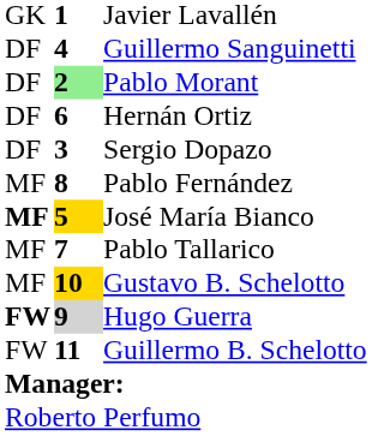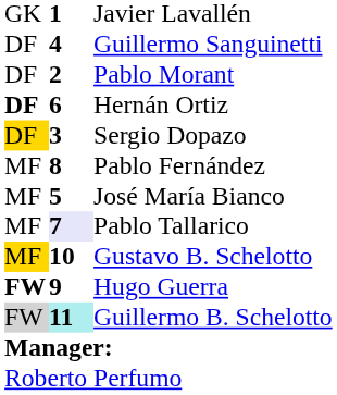 <table style="font-size:90%; margin:0.2em auto;" cellspacing="0" cellpadding="0">
 <tr>
 <th width="25"></th>
 <th width="25"></th>
 </tr>
 <tr>
 <td>GK</td>
 <td><strong>1</strong></td>
 <td> Javier Lavallén</td>
 </tr>
 <tr>
 <td>DF</td>
 <td><strong>4</strong></td>
 <td> <a href='#'>Guillermo Sanguinetti</a></td>
 </tr>
 <tr>
 <td>DF</td>
-<td style="background: lightgreen;"><strong>2</strong></td>
+<td><strong>2</strong></td>
 <td> <a href='#'>Pablo Morant</a></td>
 </tr>
 <tr>
-<td>DF</td>
+<td><strong>DF</strong></td>
 <td><strong>6</strong></td>
 <td> Hernán Ortiz</td>
 </tr>
 <tr>
-<td>DF</td>
+<td style="background: gold;">DF</td>
 <td><strong>3</strong></td>
 <td> Sergio Dopazo</td>
 </tr>
 <tr>
 <td>MF</td>
 <td><strong>8</strong></td>
 <td> Pablo Fernández</td>
 </tr>
 <tr>
-<td><strong>MF</strong></td>
-<td style="background: gold;"><strong>5</strong></td>
+<td>MF</td>
+<td><strong>5</strong></td>
 <td> José María Bianco</td>
 </tr>
 <tr>
 <td>MF</td>
-<td><strong>7</strong></td>
+<td style="background: lavender;"><strong>7</strong></td>
 <td> Pablo Tallarico</td>
 </tr>
 <tr>
-<td>MF</td>
-<td style="background: gold;"><strong>10</strong></td>
+<td style="background: gold;">MF</td>
+<td><strong>10</strong></td>
 <td> <a href='#'>Gustavo B. Schelotto</a></td>
 </tr>
 <tr>
 <td><strong>FW</strong></td>
-<td style="background: lightgrey;"><strong>9</strong></td>
+<td><strong>9</strong></td>
 <td> <a href='#'>Hugo Guerra</a></td>
 </tr>
 <tr>
-<td>FW</td>
-<td><strong>11</strong></td>
+<td style="background: lightgrey;">FW</td>
+<td style="background: paleturquoise;"><strong>11</strong></td>
 <td> <a href='#'>Guillermo B. Schelotto</a></td>
 </tr>
 <tr>
 <td colspan=4><strong>Manager:</strong></td>
 </tr>
 <tr>
 <td colspan="4"> <a href='#'>Roberto Perfumo</a></td>
 </tr>
 </table>
